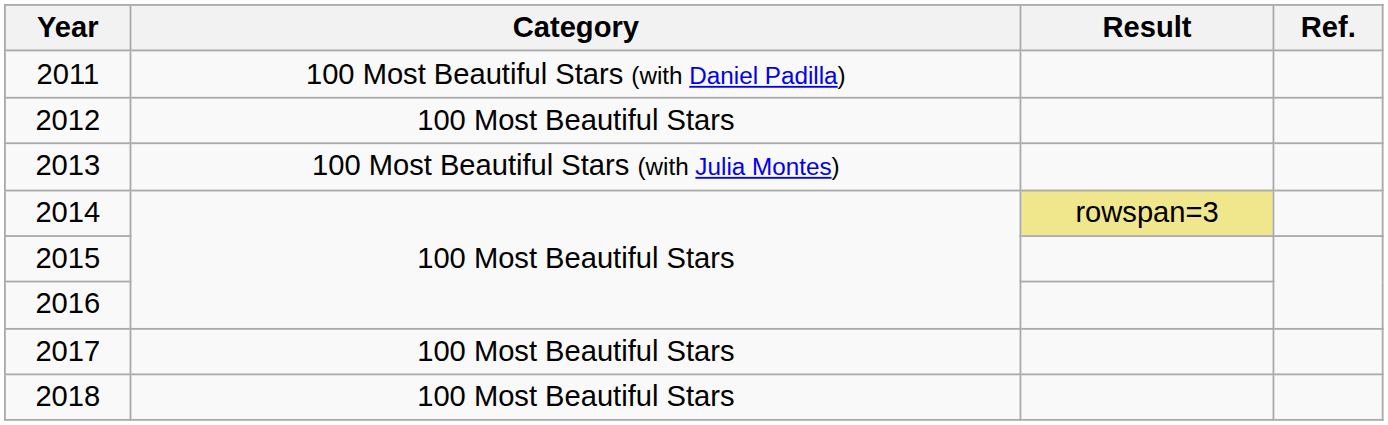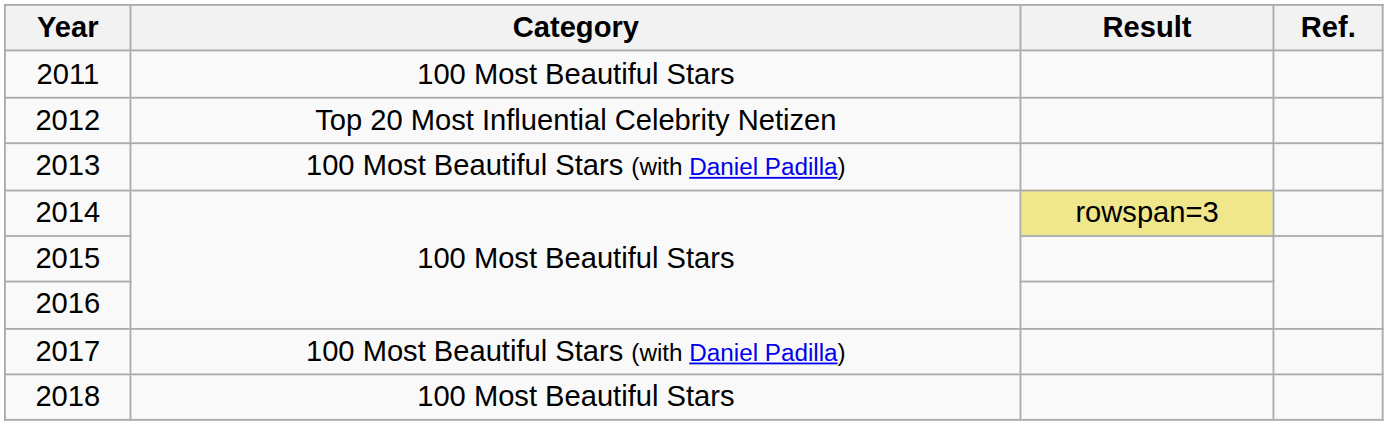 <table class="wikitable sortable"  style="text-align:center; width:60%;">
 <tr>
 <th>Year</th>
 <th>Category</th>
 <th>Result</th>
 <th>Ref.</th>
 </tr>
 <tr>
 <td>2011</td>
-<td>100 Most Beautiful Stars <small>(with <a href='#'>Daniel Padilla</a>)</small></td>
+<td>100 Most Beautiful Stars</td>
 <td></td>
 <td></td>
 </tr>
 <tr>
 <td>2012</td>
-<td>100 Most Beautiful Stars</td>
+<td>Top 20 Most Influential Celebrity Netizen</td>
 <td></td>
 <td></td>
 </tr>
 <tr>
 <td>2013</td>
-<td>100 Most Beautiful Stars <small>(with <a href='#'>Julia Montes</a>)</small></td>
+<td>100 Most Beautiful Stars <small>(with <a href='#'>Daniel Padilla</a>)</small></td>
 <td></td>
 <td></td>
 </tr>
 <tr>
 <td>2014</td>
 <td rowspan=3>100 Most Beautiful Stars</td>
 <td style="background: khaki;">rowspan=3 </td>
 <td></td>
 </tr>
 <tr>
 <td>2015</td>
 <td></td>
 </tr>
 <tr>
 <td>2016</td>
 <td></td>
 </tr>
 <tr>
 <td>2017</td>
-<td>100 Most Beautiful Stars</td>
+<td>100 Most Beautiful Stars <small>(with <a href='#'>Daniel Padilla</a>)</small></td>
 <td></td>
 <td></td>
 </tr>
 <tr>
 <td>2018</td>
 <td>100 Most Beautiful Stars</td>
 <td></td>
 <td></td>
 </tr>
 </table>
